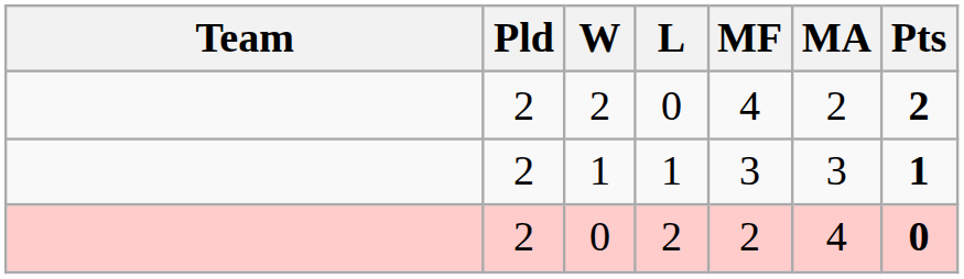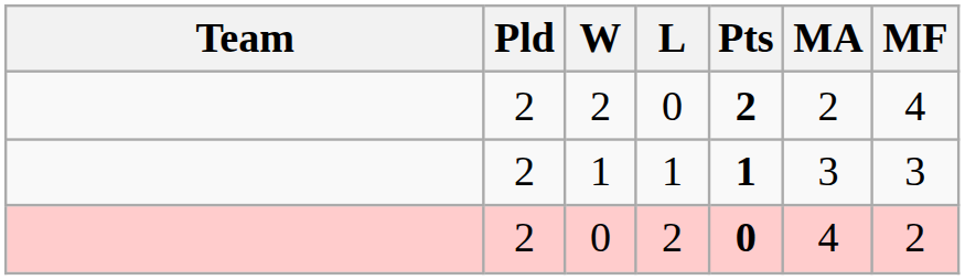 <table class=wikitable style="text-align:center">
 <tr>
 <th width=175>Team</th>
 <th width=20>Pld</th>
 <th width=20>W</th>
 <th width=20>L</th>
+<th width=20>Pts</th>
+<th width=20>MA</th>
 <th width=20>MF</th>
-<th width=20>MA</th>
-<th width=20>Pts</th>
 </tr>
 <tr>
 <td style="text-align:left"></td>
 <td>2</td>
 <td>2</td>
 <td>0</td>
+<td><strong>2</strong></td>
+<td>2</td>
 <td>4</td>
-<td>2</td>
-<td><strong>2</strong></td>
 </tr>
 <tr>
 <td style="text-align:left"></td>
 <td>2</td>
 <td>1</td>
 <td>1</td>
+<td><strong>1</strong></td>
 <td>3</td>
 <td>3</td>
-<td><strong>1</strong></td>
 </tr>
 <tr style="background:#fcc;">
 <td style="text-align:left"></td>
 <td>2</td>
 <td>0</td>
 <td>2</td>
+<td><strong>0</strong></td>
+<td>4</td>
 <td>2</td>
-<td>4</td>
-<td><strong>0</strong></td>
 </tr>
 </table>
